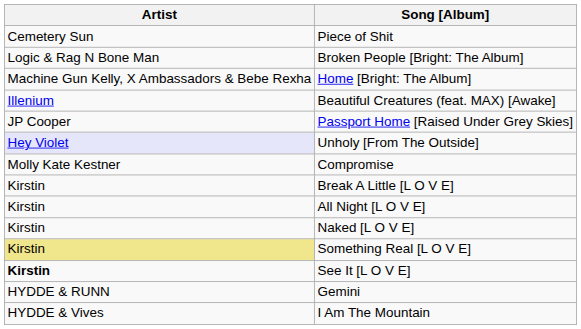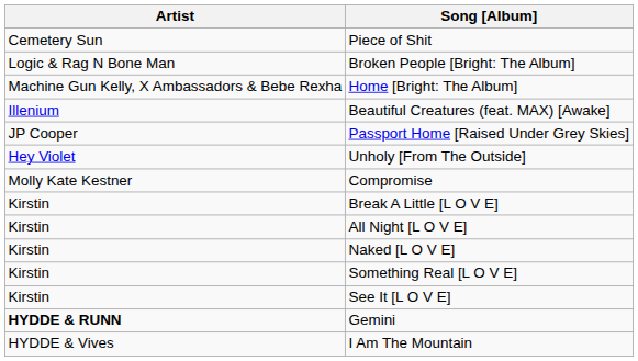 <table class="wikitable">
 <tr>
 <th>Artist</th>
 <th>Song [Album]</th>
 </tr>
 <tr>
 <td>Cemetery Sun</td>
 <td>Piece of Shit</td>
 </tr>
 <tr>
 <td>Logic & Rag N Bone Man</td>
 <td>Broken People [Bright: The Album]</td>
 </tr>
 <tr>
 <td>Machine Gun Kelly, X Ambassadors & Bebe Rexha</td>
 <td><a href='#'>Home</a> [Bright: The Album]</td>
 </tr>
 <tr>
 <td><a href='#'>Illenium</a></td>
 <td>Beautiful Creatures (feat. MAX) [Awake]</td>
 </tr>
 <tr>
 <td>JP Cooper</td>
 <td><a href='#'>Passport Home</a> [Raised Under Grey Skies]</td>
 </tr>
 <tr>
-<td style="background: lavender;"><a href='#'>Hey Violet</a></td>
+<td><a href='#'>Hey Violet</a></td>
 <td>Unholy [From The Outside]</td>
 </tr>
 <tr>
 <td>Molly Kate Kestner</td>
 <td>Compromise</td>
 </tr>
 <tr>
 <td>Kirstin</td>
 <td>Break A Little [L O V E]</td>
 </tr>
 <tr>
 <td>Kirstin</td>
 <td>All Night [L O V E]</td>
 </tr>
 <tr>
 <td>Kirstin</td>
 <td>Naked [L O V E]</td>
 </tr>
 <tr>
-<td style="background: khaki;">Kirstin</td>
+<td>Kirstin</td>
 <td>Something Real [L O V E]</td>
 </tr>
 <tr>
-<td><strong>Kirstin</strong></td>
+<td>Kirstin</td>
 <td>See It [L O V E]</td>
 </tr>
 <tr>
-<td>HYDDE & RUNN</td>
+<td><strong>HYDDE & RUNN</strong></td>
 <td>Gemini</td>
 </tr>
 <tr>
 <td>HYDDE & Vives</td>
 <td>I Am The Mountain</td>
 </tr>
 </table>
